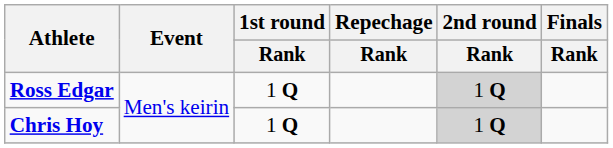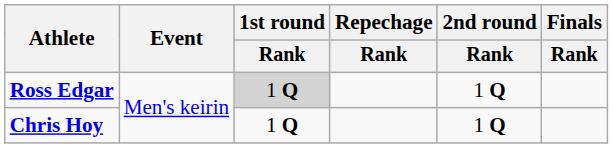 <table class=wikitable style="font-size:90%">
 <tr>
 <th rowspan="2">Athlete</th>
 <th rowspan="2">Event</th>
 <th>1st round</th>
 <th>Repechage</th>
 <th>2nd round</th>
 <th>Finals</th>
 </tr>
 <tr style="font-size:95%">
 <th>Rank</th>
 <th>Rank</th>
 <th>Rank</th>
 <th>Rank</th>
 </tr>
 <tr align=center>
 <td align=left><strong><a href='#'>Ross Edgar</a></strong></td>
 <td align=left rowspan=2><a href='#'>Men's keirin</a></td>
+<td style="background: lightgrey;">1 <strong>Q</strong></td>
+<td></td>
 <td>1 <strong>Q</strong></td>
-<td></td>
-<td style="background: lightgrey;">1 <strong>Q</strong></td>
 <td></td>
 </tr>
 <tr align=center>
 <td align=left><strong><a href='#'>Chris Hoy</a></strong></td>
 <td>1 <strong>Q</strong></td>
 <td></td>
-<td style="background: lightgrey;">1 <strong>Q</strong></td>
+<td>1 <strong>Q</strong></td>
 <td></td>
 </tr>
 </table>
